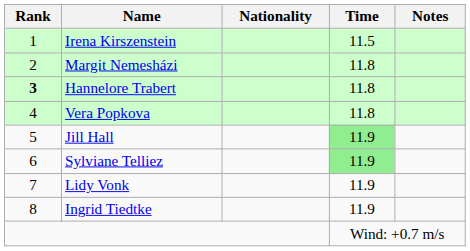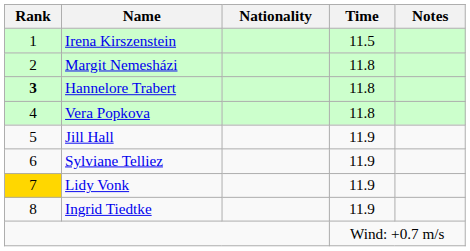 <table class="wikitable sortable" style="text-align:center;width: 55%">
 <tr>
 <th>Rank</th>
 <th>Name</th>
 <th>Nationality</th>
 <th>Time</th>
 <th>Notes</th>
 </tr>
 <tr bgcolor=ccffcc>
 <td>1</td>
 <td align=left><a href='#'>Irena Kirszenstein</a></td>
 <td align=left></td>
 <td>11.5</td>
 <td></td>
 </tr>
 <tr bgcolor=ccffcc>
 <td>2</td>
 <td align=left><a href='#'>Margit Nemesházi</a></td>
 <td align=left></td>
 <td>11.8</td>
 <td></td>
 </tr>
 <tr bgcolor=ccffcc>
 <td><strong>3</strong></td>
 <td align=left><a href='#'>Hannelore Trabert</a></td>
 <td align=left></td>
 <td>11.8</td>
 <td></td>
 </tr>
 <tr bgcolor=ccffcc>
 <td>4</td>
 <td align=left><a href='#'>Vera Popkova</a></td>
 <td align=left></td>
 <td>11.8</td>
 <td></td>
 </tr>
 <tr>
 <td>5</td>
 <td align=left><a href='#'>Jill Hall</a></td>
 <td align=left></td>
-<td style="background: lightgreen;">11.9</td>
+<td>11.9</td>
 <td></td>
 </tr>
 <tr>
 <td>6</td>
 <td align=left><a href='#'>Sylviane Telliez</a></td>
 <td align=left></td>
-<td style="background: lightgreen;">11.9</td>
+<td>11.9</td>
 <td></td>
 </tr>
 <tr>
-<td>7</td>
+<td style="background: gold;">7</td>
 <td align=left><a href='#'>Lidy Vonk</a></td>
 <td align=left></td>
 <td>11.9</td>
 <td></td>
 </tr>
 <tr>
 <td>8</td>
 <td align=left><a href='#'>Ingrid Tiedtke</a></td>
 <td align=left></td>
 <td>11.9</td>
 <td></td>
 </tr>
 <tr>
 <td colspan="3"></td>
 <td colspan="2">Wind: +0.7 m/s</td>
 </tr>
 </table>
